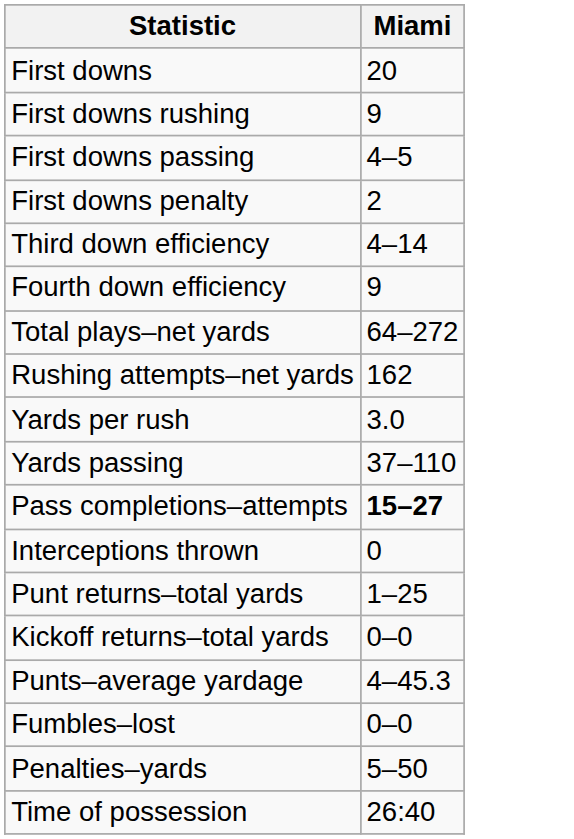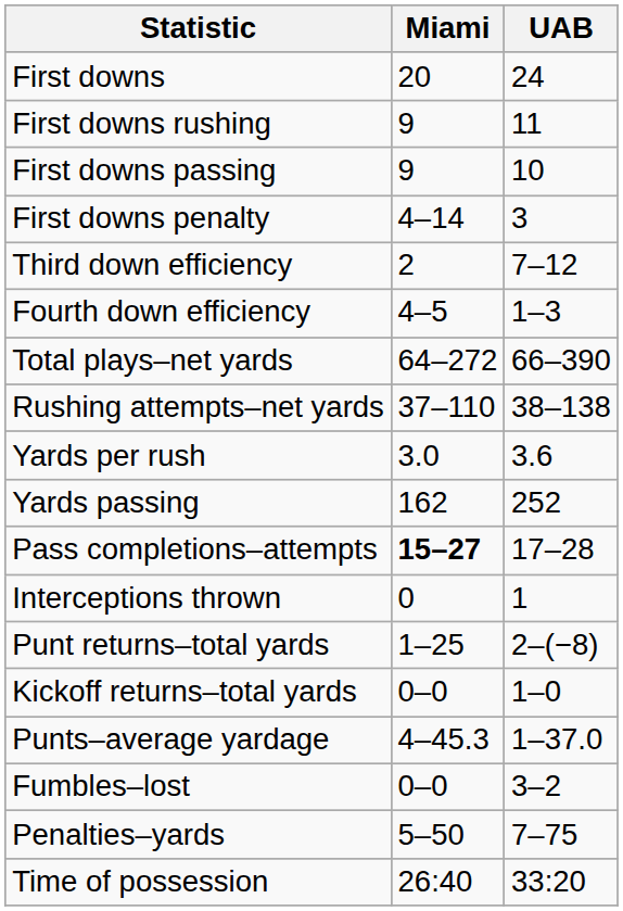 <table class="wikitable">
 <tr>
 <th>Statistic</th>
 <th><strong>Miami</strong></th>
+<th><strong>UAB</strong></th>
 </tr>
 <tr>
 <td>First downs</td>
 <td>20</td>
+<td>24</td>
 </tr>
 <tr>
 <td>First downs rushing</td>
 <td>9</td>
+<td>11</td>
 </tr>
 <tr>
 <td>First downs passing</td>
-<td>4–5</td>
+<td>9</td>
+<td>10</td>
 </tr>
 <tr>
 <td>First downs penalty</td>
-<td>2</td>
+<td>4–14</td>
+<td>3</td>
 </tr>
 <tr>
 <td>Third down efficiency</td>
-<td>4–14</td>
+<td>2</td>
+<td>7–12</td>
 </tr>
 <tr>
 <td>Fourth down efficiency</td>
-<td>9</td>
+<td>4–5</td>
+<td>1–3</td>
 </tr>
 <tr>
 <td>Total plays–net yards</td>
 <td>64–272</td>
+<td>66–390</td>
 </tr>
 <tr>
 <td>Rushing attempts–net yards</td>
-<td>162</td>
+<td>37–110</td>
+<td>38–138</td>
 </tr>
 <tr>
 <td>Yards per rush</td>
 <td>3.0</td>
+<td>3.6</td>
 </tr>
 <tr>
 <td>Yards passing</td>
-<td>37–110</td>
+<td>162</td>
+<td>252</td>
 </tr>
 <tr>
 <td>Pass completions–attempts</td>
 <td><strong>15–27</strong></td>
+<td>17–28</td>
 </tr>
 <tr>
 <td>Interceptions thrown</td>
 <td>0</td>
+<td>1</td>
 </tr>
 <tr>
 <td>Punt returns–total yards</td>
 <td>1–25</td>
+<td>2–(−8)</td>
 </tr>
 <tr>
 <td>Kickoff returns–total yards</td>
 <td>0–0</td>
+<td>1–0</td>
 </tr>
 <tr>
 <td>Punts–average yardage</td>
 <td>4–45.3</td>
+<td>1–37.0</td>
 </tr>
 <tr>
 <td>Fumbles–lost</td>
 <td>0–0</td>
+<td>3–2</td>
 </tr>
 <tr>
 <td>Penalties–yards</td>
 <td>5–50</td>
+<td>7–75</td>
 </tr>
 <tr>
 <td>Time of possession</td>
 <td>26:40</td>
+<td>33:20</td>
 </tr>
 </table>
